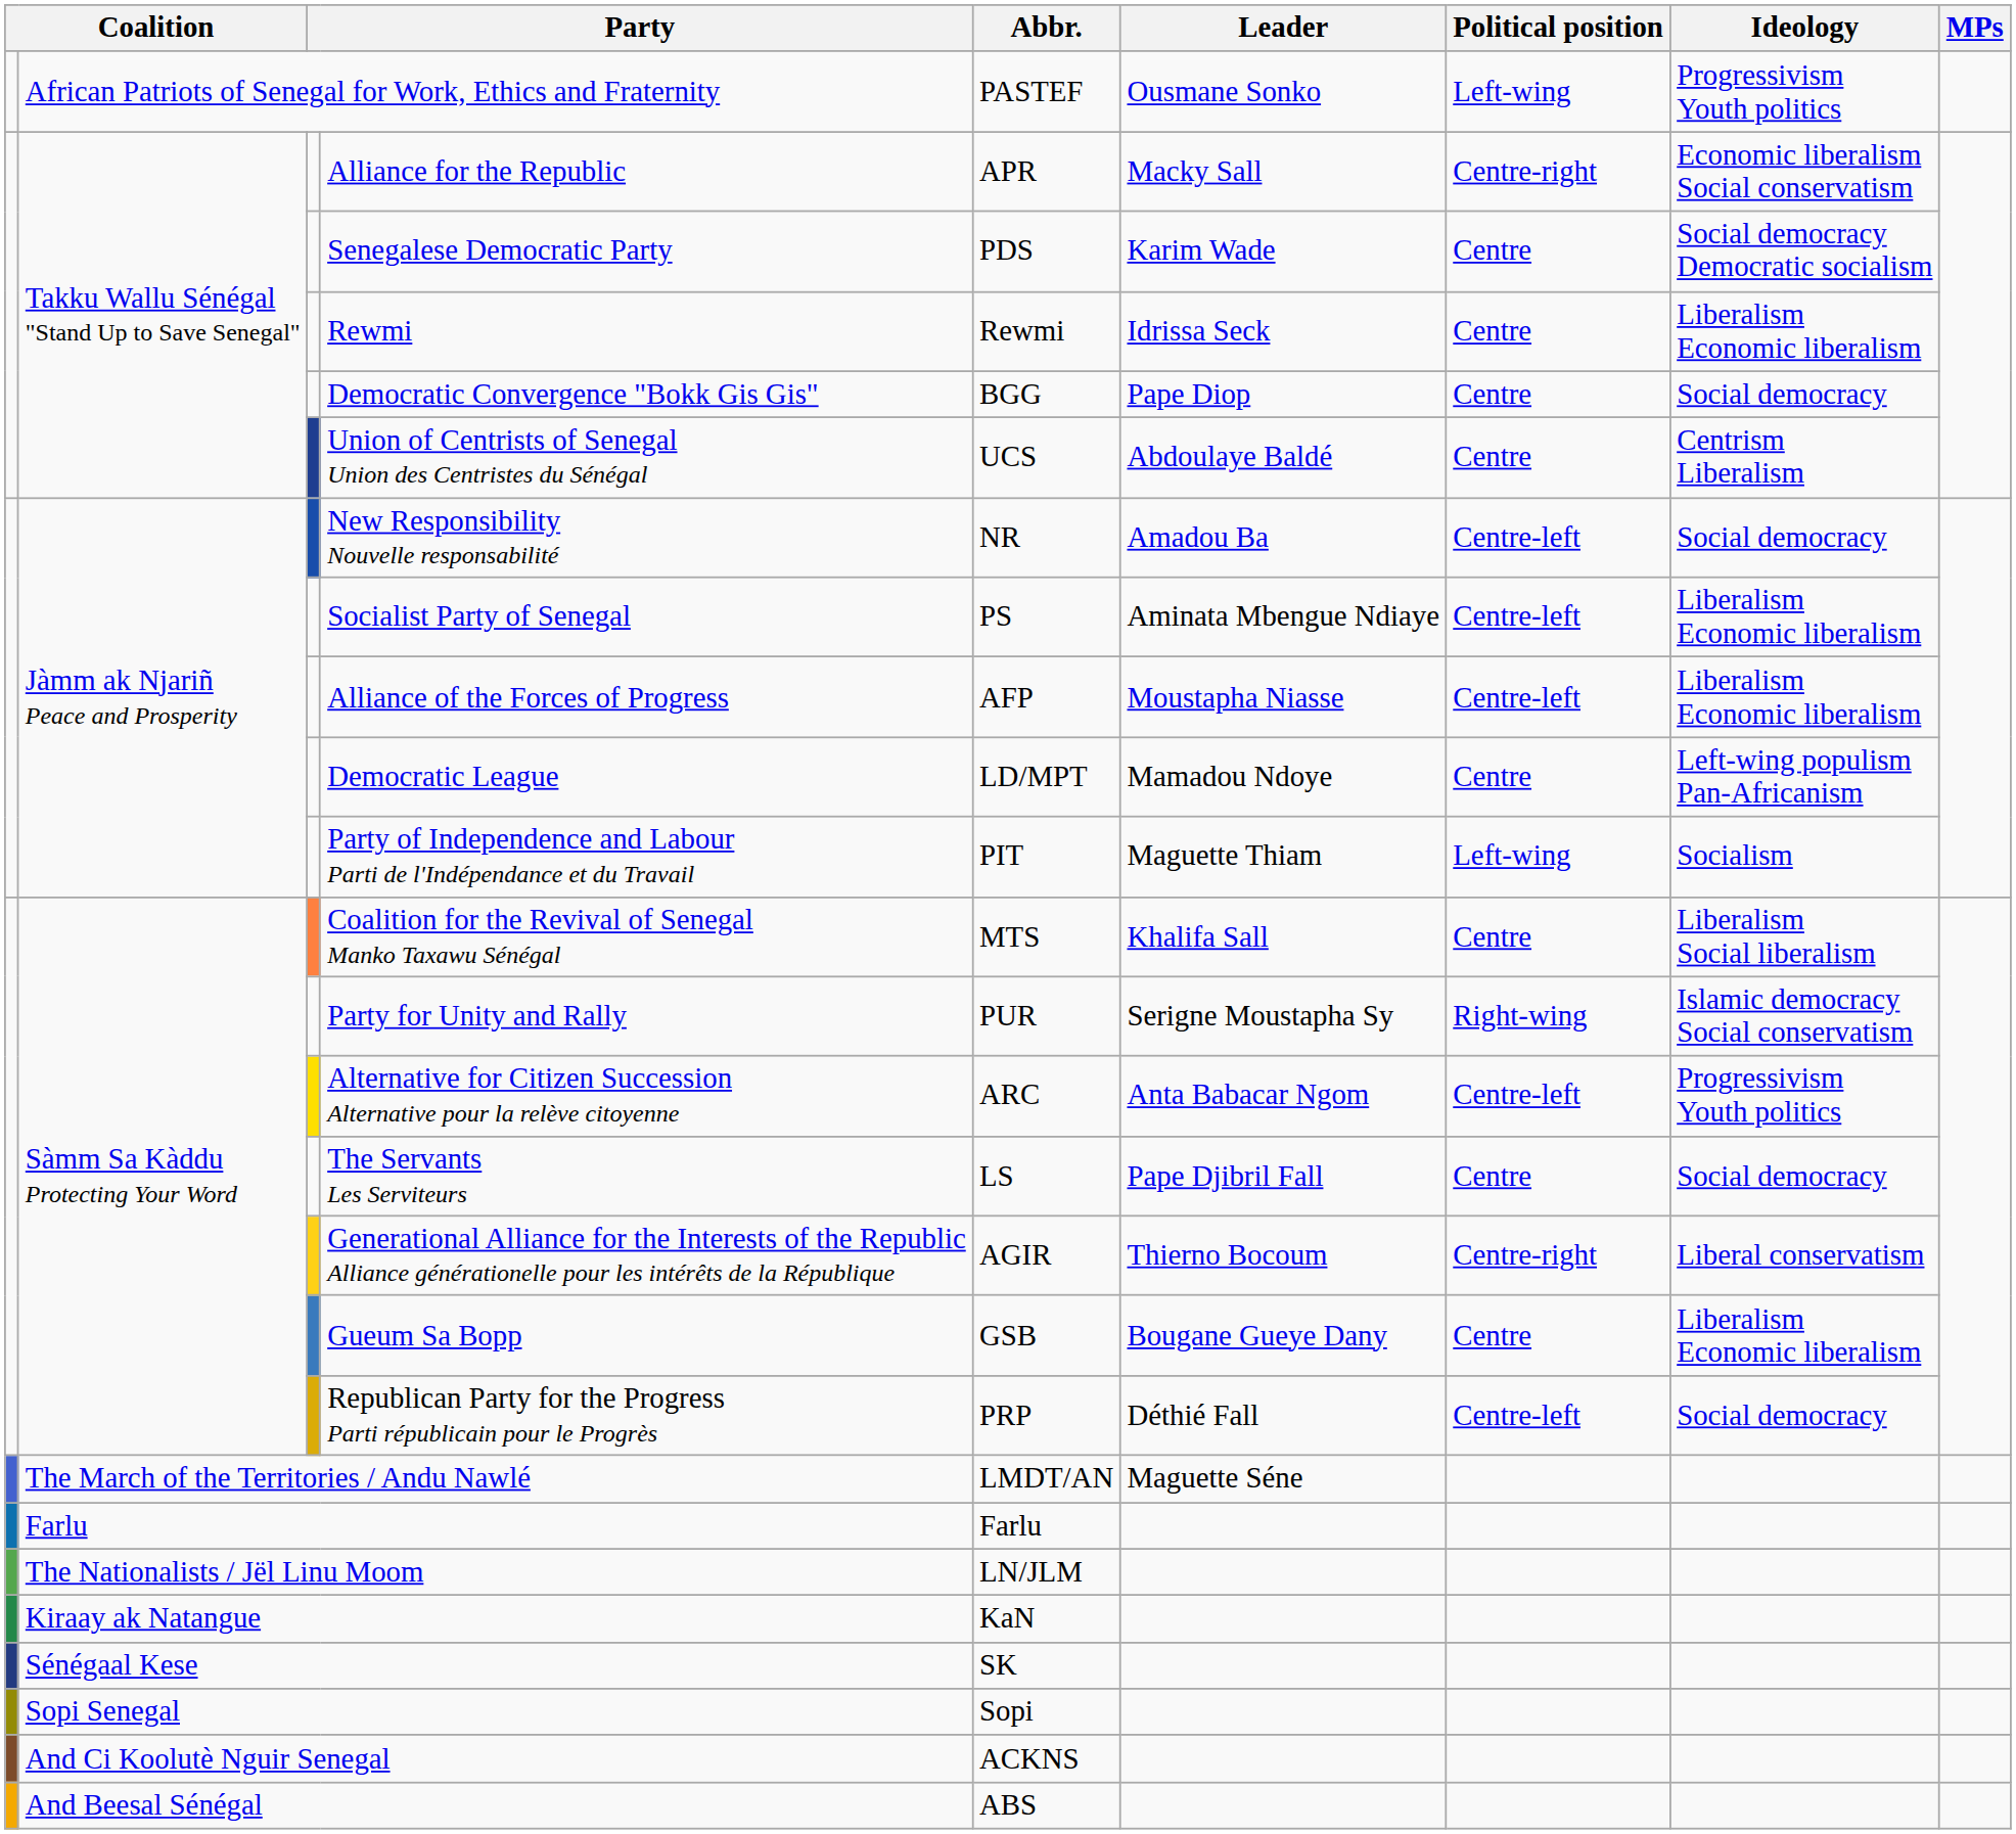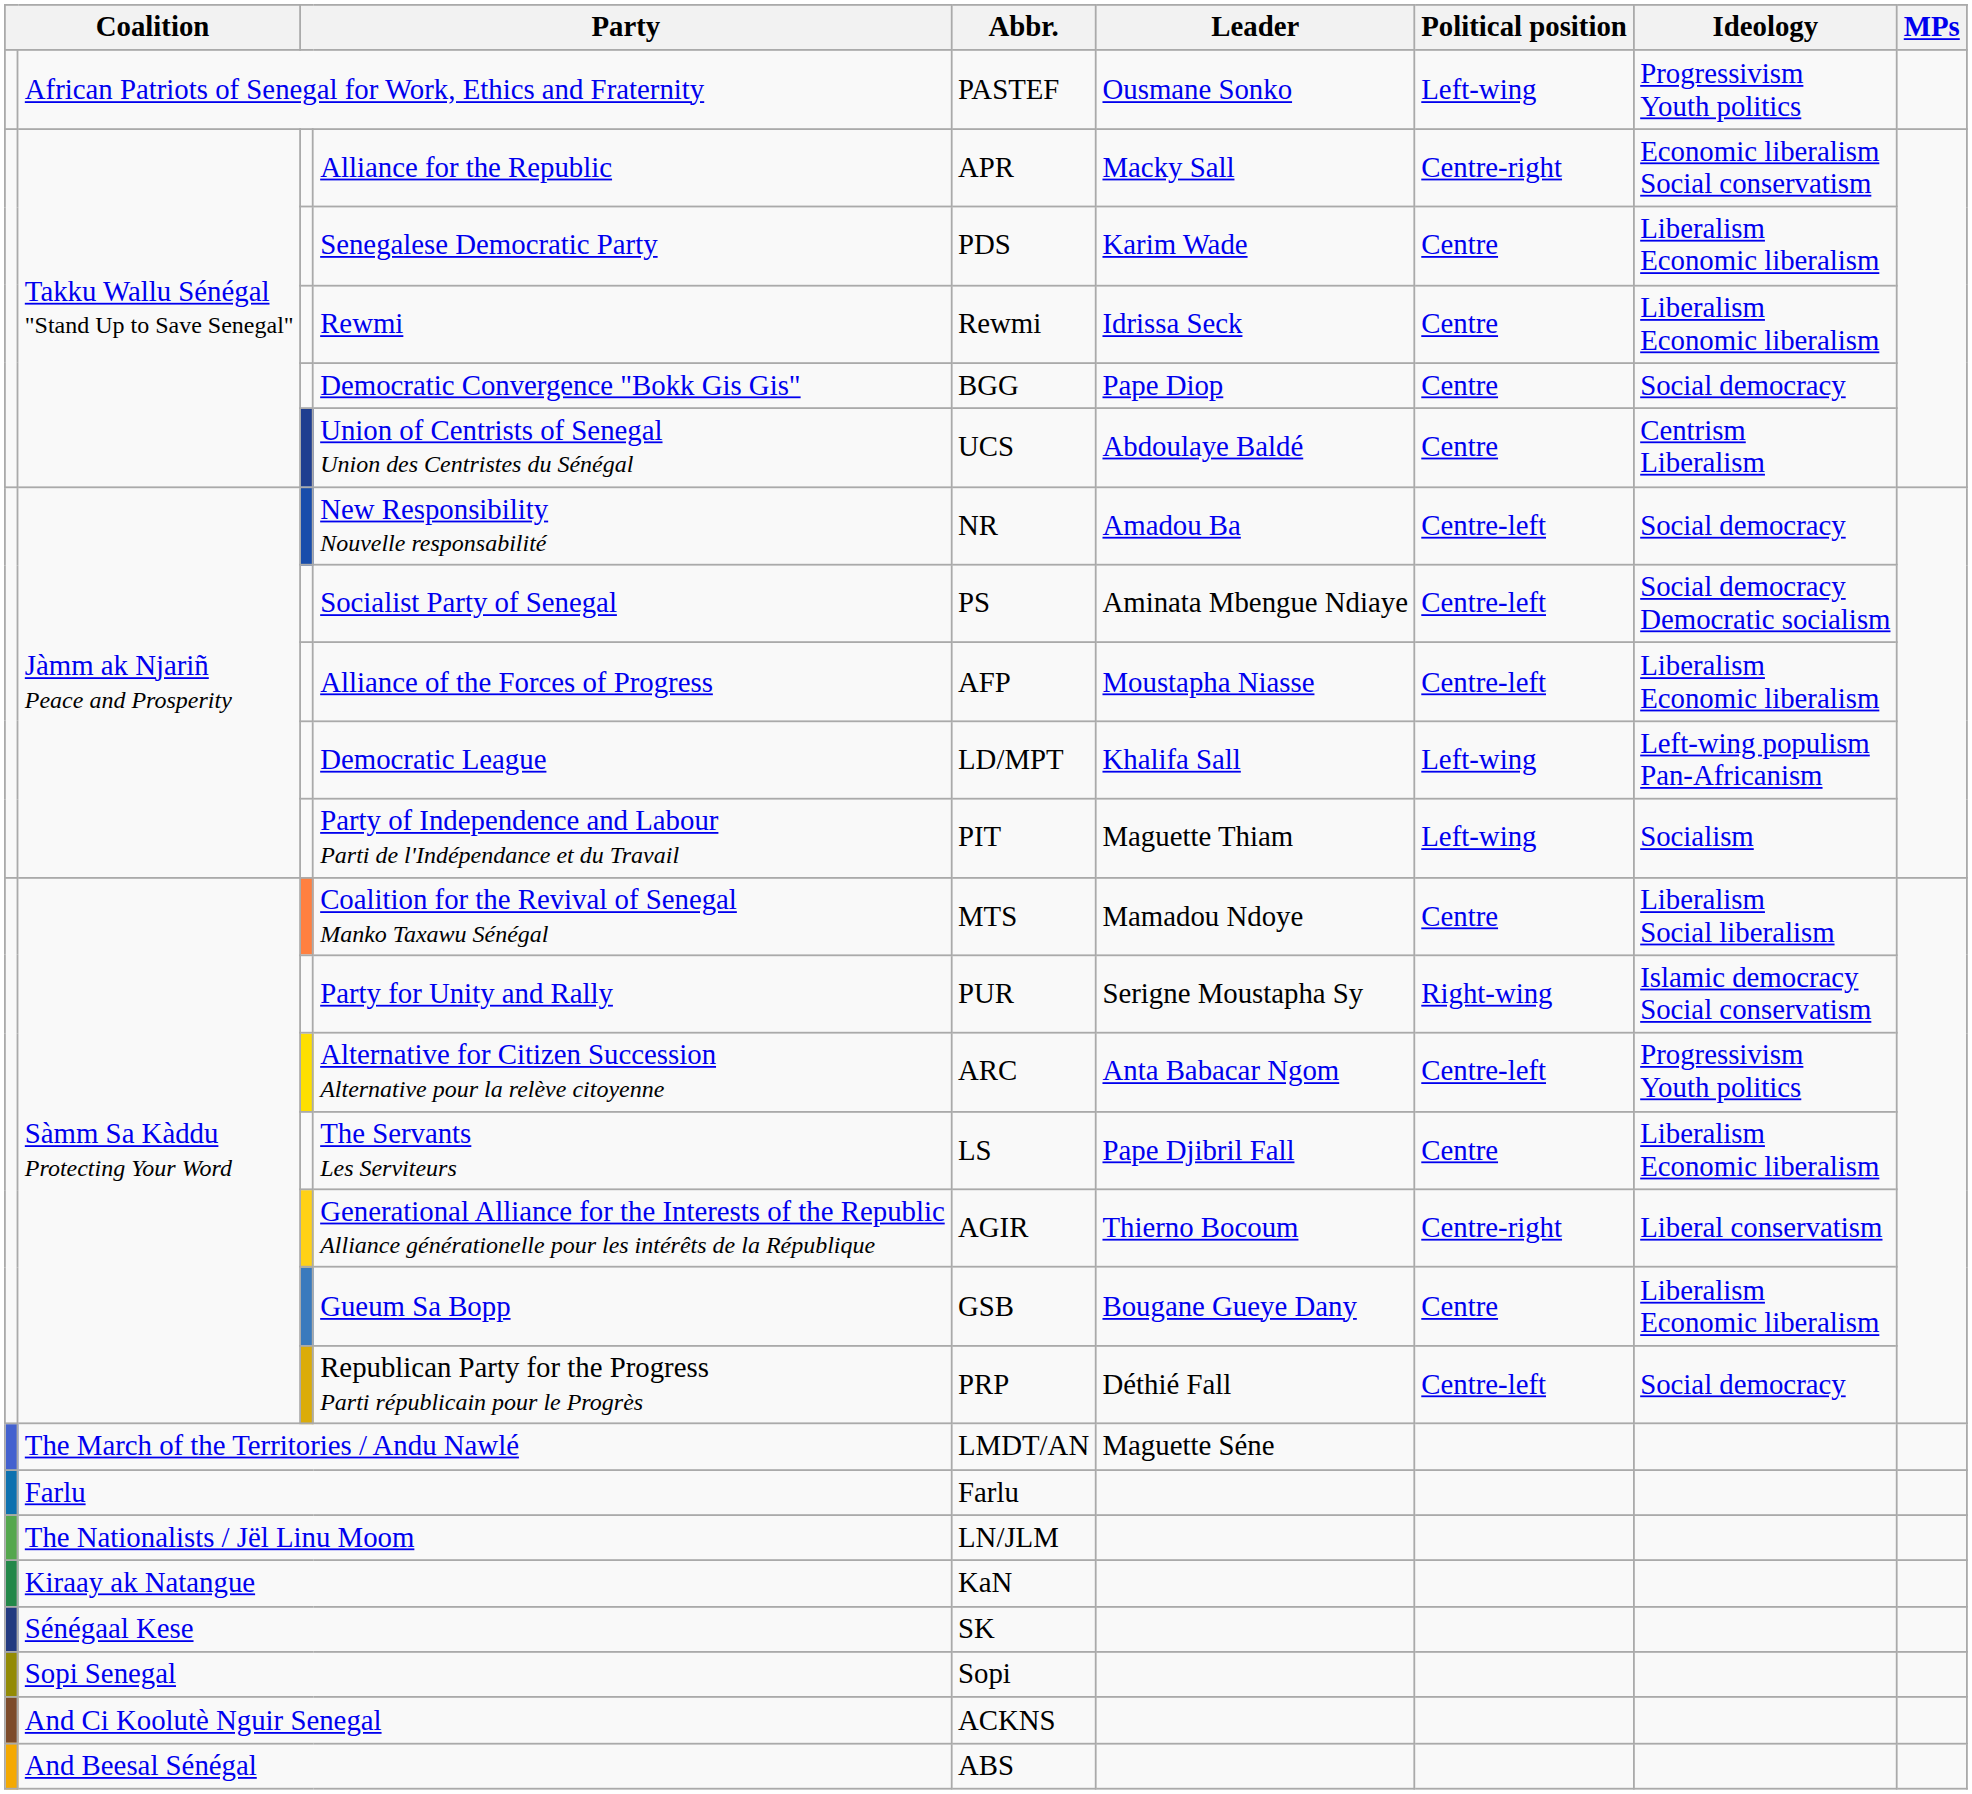 <table class="wikitable">
 <tr>
 <th colspan=2>Coalition</th>
 <th colspan=2>Party</th>
 <th>Abbr.</th>
 <th>Leader</th>
 <th>Political position</th>
 <th>Ideology</th>
 <th><a href='#'>MPs</a></th>
 </tr>
 <tr>
 <td bgcolor=></td>
 <td colspan=3><a href='#'>African Patriots of Senegal for Work, Ethics and Fraternity</a><small><br></small></td>
 <td>PASTEF</td>
 <td><a href='#'>Ousmane Sonko</a></td>
 <td><a href='#'>Left-wing</a></td>
 <td><a href='#'>Progressivism</a><br><a href='#'>Youth politics</a></td>
 <td></td>
 </tr>
 <tr>
 <td rowspan=5 bgcolor=></td>
 <td rowspan=5><a href='#'>Takku Wallu Sénégal</a><br><small>"Stand Up to Save Senegal"</small></td>
 <td bgcolor=></td>
 <td><a href='#'>Alliance for the Republic</a><small><br></small></td>
 <td>APR</td>
 <td><a href='#'>Macky Sall</a></td>
 <td><a href='#'>Centre-right</a></td>
 <td><a href='#'>Economic liberalism</a><br><a href='#'>Social conservatism</a></td>
 <td rowspan=5></td>
 </tr>
 <tr>
 <td bgcolor=></td>
 <td><a href='#'>Senegalese Democratic Party</a><small><br></small></td>
 <td>PDS</td>
 <td><a href='#'>Karim Wade</a></td>
 <td><a href='#'>Centre</a></td>
-<td><a href='#'>Social democracy</a><br><a href='#'>Democratic socialism</a></td>
+<td><a href='#'>Liberalism</a><br><a href='#'>Economic liberalism</a></td>
 </tr>
 <tr>
 <td bgcolor=></td>
 <td><a href='#'>Rewmi</a><small><br></small></td>
 <td>Rewmi</td>
 <td><a href='#'>Idrissa Seck</a></td>
 <td><a href='#'>Centre</a></td>
 <td><a href='#'>Liberalism</a><br><a href='#'>Economic liberalism</a></td>
 </tr>
 <tr>
 <td bgcolor=></td>
 <td><a href='#'>Democratic Convergence "Bokk Gis Gis"</a><br><small></small></td>
 <td>BGG</td>
 <td><a href='#'>Pape Diop</a></td>
 <td><a href='#'>Centre</a></td>
 <td><a href='#'>Social democracy</a></td>
 </tr>
 <tr>
 <td bgcolor=#1F3E90></td>
 <td><a href='#'>Union of Centrists of Senegal</a><br><small><em>Union des Centristes du Sénégal</em></small></td>
 <td>UCS</td>
 <td><a href='#'>Abdoulaye Baldé</a></td>
 <td><a href='#'>Centre</a></td>
 <td><a href='#'>Centrism</a><br><a href='#'>Liberalism</a></td>
 </tr>
 <tr>
 <td rowspan=5 bgcolor=></td>
 <td rowspan=5><a href='#'>Jàmm ak Njariñ</a><br><small><em>Peace and Prosperity</em></small></td>
 <td bgcolor=#184DAB></td>
 <td><a href='#'>New Responsibility</a><br><small><em>Nouvelle responsabilité</em></small></td>
 <td>NR</td>
 <td><a href='#'>Amadou Ba</a></td>
 <td><a href='#'>Centre-left</a></td>
 <td><a href='#'>Social democracy</a></td>
 <td rowspan=5></td>
 </tr>
 <tr>
 <td bgcolor=></td>
 <td><a href='#'>Socialist Party of Senegal</a><small><br></small></td>
 <td>PS</td>
 <td>Aminata Mbengue Ndiaye</td>
 <td><a href='#'>Centre-left</a></td>
-<td><a href='#'>Liberalism</a><br><a href='#'>Economic liberalism</a></td>
+<td><a href='#'>Social democracy</a><br><a href='#'>Democratic socialism</a></td>
 </tr>
 <tr>
 <td bgcolor=></td>
 <td><a href='#'>Alliance of the Forces of Progress</a><small><br></small></td>
 <td>AFP</td>
 <td><a href='#'>Moustapha Niasse</a></td>
 <td><a href='#'>Centre-left</a></td>
 <td><a href='#'>Liberalism</a><br><a href='#'>Economic liberalism</a></td>
 </tr>
 <tr>
 <td bgcolor=></td>
 <td><a href='#'>Democratic League</a><small><br></small></td>
 <td>LD/MPT</td>
-<td>Mamadou Ndoye</td>
-<td><a href='#'>Centre</a></td>
+<td><a href='#'>Khalifa Sall</a></td>
+<td><a href='#'>Left-wing</a></td>
 <td><a href='#'>Left-wing populism</a><br><a href='#'>Pan-Africanism</a></td>
 </tr>
 <tr>
 <td bgcolor=></td>
 <td><a href='#'>Party of Independence and Labour</a><br><small><em>Parti de l'Indépendance et du Travail</em></small></td>
 <td>PIT</td>
 <td>Maguette Thiam</td>
 <td><a href='#'>Left-wing</a></td>
 <td><a href='#'>Socialism</a></td>
 </tr>
 <tr>
 <td rowspan=7 bgcolor=></td>
 <td rowspan=7><a href='#'>Sàmm Sa Kàddu</a><br><small><em>Protecting Your Word</em></small></td>
 <td bgcolor=#FF8040></td>
 <td><a href='#'>Coalition for the Revival of Senegal</a><br><small><em>Manko Taxawu Sénégal</em></small></td>
 <td>MTS</td>
-<td><a href='#'>Khalifa Sall</a></td>
+<td>Mamadou Ndoye</td>
 <td><a href='#'>Centre</a></td>
 <td><a href='#'>Liberalism</a><br><a href='#'>Social liberalism</a></td>
 <td rowspan=7></td>
 </tr>
 <tr>
 <td bgcolor=></td>
 <td><a href='#'>Party for Unity and Rally</a><small><br></small></td>
 <td>PUR</td>
 <td>Serigne Moustapha Sy</td>
 <td><a href='#'>Right-wing</a></td>
 <td><a href='#'>Islamic democracy</a><br><a href='#'>Social conservatism</a></td>
 </tr>
 <tr>
 <td bgcolor=#FEDF00></td>
 <td><a href='#'>Alternative for Citizen Succession</a><br><small><em>Alternative pour la relève citoyenne</em></small></td>
 <td>ARC</td>
 <td><a href='#'>Anta Babacar Ngom</a></td>
 <td><a href='#'>Centre-left</a></td>
 <td><a href='#'>Progressivism</a><br><a href='#'>Youth politics</a></td>
 </tr>
 <tr>
 <td></td>
 <td><a href='#'>The Servants</a><br><small><em>Les Serviteurs</em></small></td>
 <td>LS</td>
 <td><a href='#'>Pape Djibril Fall</a></td>
 <td><a href='#'>Centre</a></td>
-<td><a href='#'>Social democracy</a></td>
+<td><a href='#'>Liberalism</a><br><a href='#'>Economic liberalism</a></td>
 </tr>
 <tr>
 <td bgcolor="#FFD116"></td>
 <td><a href='#'>Generational Alliance for the Interests of the Republic</a><br><small><em>Alliance générationelle pour les intérêts de la République</em></small></td>
 <td>AGIR</td>
 <td><a href='#'>Thierno Bocoum</a></td>
 <td><a href='#'>Centre-right</a></td>
 <td><a href='#'>Liberal conservatism</a></td>
 </tr>
 <tr>
 <td bgcolor="#3A7ABD"></td>
 <td><a href='#'>Gueum Sa Bopp</a></td>
 <td>GSB</td>
 <td><a href='#'>Bougane Gueye Dany</a></td>
 <td><a href='#'>Centre</a></td>
 <td><a href='#'>Liberalism</a><br><a href='#'>Economic liberalism</a></td>
 </tr>
 <tr>
 <td bgcolor=#dbac08></td>
 <td>Republican Party for the Progress<br><small><em>Parti républicain pour le Progrès</em></small></td>
 <td>PRP</td>
 <td>Déthié Fall</td>
 <td><a href='#'>Centre-left</a></td>
 <td><a href='#'>Social democracy</a></td>
 </tr>
 <tr>
 <td bgcolor=#4361cf></td>
 <td colspan=3><a href='#'>The March of the Territories / Andu Nawlé</a></td>
 <td>LMDT/AN</td>
 <td>Maguette Séne</td>
 <td></td>
 <td></td>
 <td></td>
 </tr>
 <tr>
 <td bgcolor=#0d71af></td>
 <td colspan=3><a href='#'>Farlu</a></td>
 <td>Farlu</td>
 <td></td>
 <td></td>
 <td></td>
 <td></td>
 </tr>
 <tr>
 <td bgcolor=#54a74d></td>
 <td colspan=3><a href='#'>The Nationalists / Jël Linu Moom</a></td>
 <td>LN/JLM</td>
 <td></td>
 <td></td>
 <td></td>
 <td></td>
 </tr>
 <tr>
 <td bgcolor=#238849></td>
 <td colspan=3><a href='#'>Kiraay ak Natangue</a></td>
 <td>KaN</td>
 <td></td>
 <td></td>
 <td></td>
 <td></td>
 </tr>
 <tr>
 <td bgcolor=#233a80></td>
 <td colspan=3><a href='#'>Sénégaal Kese</a></td>
 <td>SK</td>
 <td></td>
 <td></td>
 <td></td>
 <td></td>
 </tr>
 <tr>
 <td bgcolor=#938b05></td>
 <td colspan=3><a href='#'>Sopi Senegal</a></td>
 <td>Sopi</td>
 <td></td>
 <td></td>
 <td></td>
 <td></td>
 </tr>
 <tr>
 <td bgcolor=#7d4b2a></td>
 <td colspan=3><a href='#'>And Ci Koolutè Nguir Senegal</a></td>
 <td>ACKNS</td>
 <td></td>
 <td></td>
 <td></td>
 <td></td>
 </tr>
 <tr>
 <td bgcolor=#f4a900></td>
 <td colspan=3><a href='#'>And Beesal Sénégal</a></td>
 <td>ABS</td>
 <td></td>
 <td></td>
 <td></td>
 <td></td>
 </tr>
 </table>
